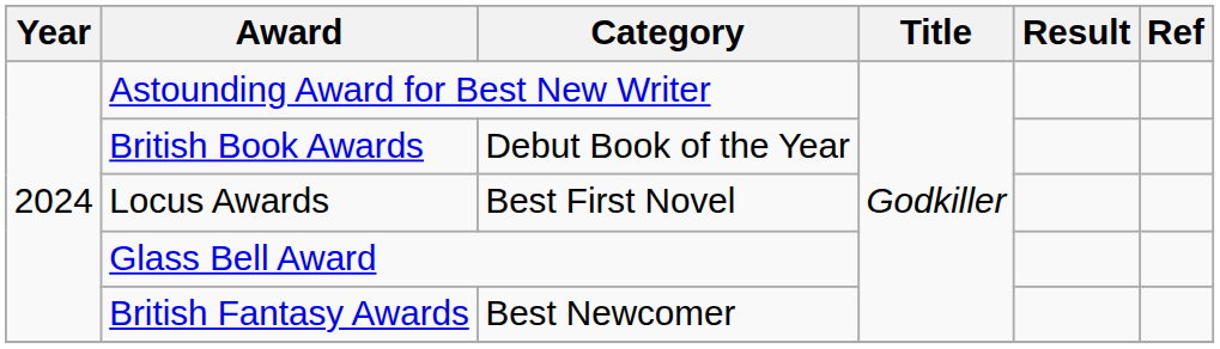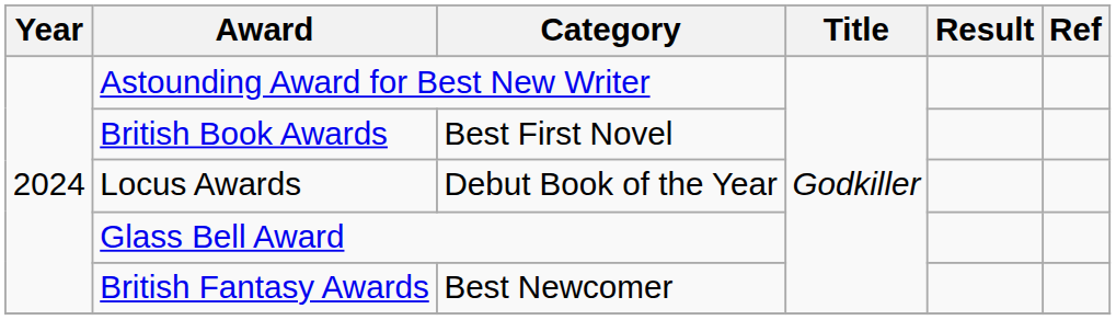 <table class="wikitable sortable">
 <tr>
 <th>Year</th>
 <th>Award</th>
 <th>Category</th>
 <th>Title</th>
 <th>Result</th>
 <th>Ref</th>
 </tr>
 <tr>
 <td rowspan="5">2024</td>
 <td colspan="2"><a href='#'>Astounding Award for Best New Writer</a></td>
 <td rowspan="5"><em>Godkiller</em></td>
 <td></td>
 <td></td>
 </tr>
 <tr>
 <td><a href='#'>British Book Awards</a></td>
-<td>Debut Book of the Year</td>
+<td>Best First Novel</td>
 <td></td>
 <td></td>
 </tr>
 <tr>
 <td>Locus Awards</td>
-<td>Best First Novel</td>
+<td>Debut Book of the Year</td>
 <td></td>
 <td></td>
 </tr>
 <tr>
 <td colspan="2"><a href='#'>Glass Bell Award</a></td>
 <td></td>
 <td></td>
 </tr>
 <tr>
 <td><a href='#'>British Fantasy Awards</a></td>
 <td>Best Newcomer</td>
 <td></td>
 <td></td>
 </tr>
 <tr>
 </tr>
 </table>
